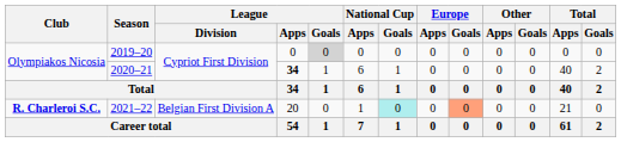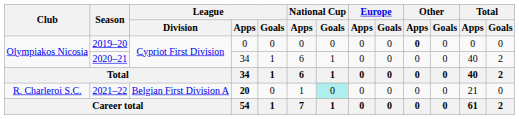 <table class="wikitable" style="text-align:center">
 <tr>
 <th rowspan=2>Club</th>
 <th rowspan=2>Season</th>
 <th colspan=3>League</th>
 <th colspan=2>National Cup</th>
 <th colspan=2><a href='#'>Europe</a></th>
 <th colspan=2>Other</th>
 <th colspan=2>Total</th>
 </tr>
 <tr>
 <th>Division</th>
 <th>Apps</th>
 <th>Goals</th>
 <th>Apps</th>
 <th>Goals</th>
 <th>Apps</th>
 <th>Goals</th>
 <th>Apps</th>
 <th>Goals</th>
 <th>Apps</th>
 <th>Goals</th>
 </tr>
 <tr>
 <td rowspan=2><a href='#'>Olympiakos Nicosia</a></td>
 <td><a href='#'>2019–20</a></td>
 <td rowspan="2"><a href='#'>Cypriot First Division</a></td>
 <td>0</td>
-<td style="background: lightgrey;">0</td>
 <td>0</td>
 <td>0</td>
 <td>0</td>
 <td>0</td>
 <td>0</td>
+<td><strong>0</strong></td>
 <td>0</td>
 <td>0</td>
 <td>0</td>
 </tr>
 <tr>
 <td><a href='#'>2020–21</a></td>
-<td><strong>34</strong></td>
+<td>34</td>
 <td>1</td>
 <td>6</td>
 <td>1</td>
 <td>0</td>
 <td>0</td>
 <td>0</td>
 <td>0</td>
 <td>40</td>
 <td>2</td>
 </tr>
 <tr>
 <th colspan="3">Total</th>
 <th>34</th>
 <th>1</th>
 <th>6</th>
 <th>1</th>
 <th>0</th>
 <th>0</th>
 <th>0</th>
 <th>0</th>
 <th>40</th>
 <th>2</th>
 </tr>
 <tr>
-<td><strong><a href='#'>R. Charleroi S.C.</a></strong></td>
+<td><a href='#'>R. Charleroi S.C.</a></td>
 <td><a href='#'>2021–22</a></td>
 <td><a href='#'>Belgian First Division A</a></td>
-<td>20</td>
+<td><strong>20</strong></td>
 <td>0</td>
 <td>1</td>
 <td style="background: paleturquoise;">0</td>
 <td>0</td>
-<td style="background: lightsalmon;">0</td>
+<td>0</td>
 <td>0</td>
 <td>0</td>
 <td>21</td>
 <td>0</td>
 </tr>
 <tr>
 <th colspan="3">Career total</th>
 <th>54</th>
 <th>1</th>
 <th>7</th>
 <th>1</th>
 <th>0</th>
 <th>0</th>
 <th>0</th>
 <th>0</th>
 <th>61</th>
 <th>2</th>
 </tr>
 </table>
